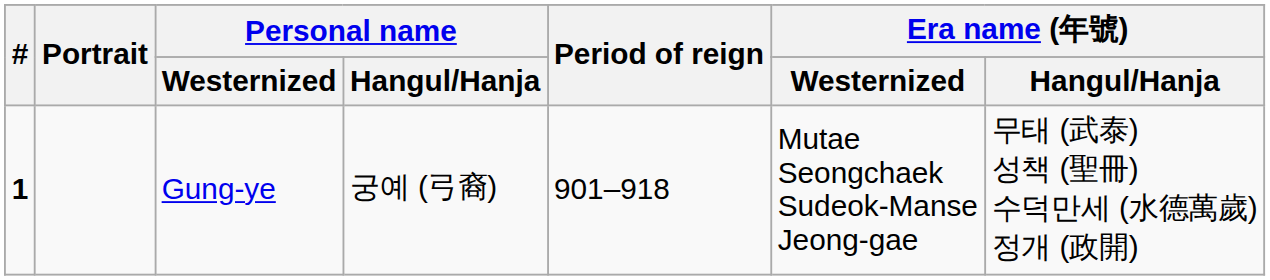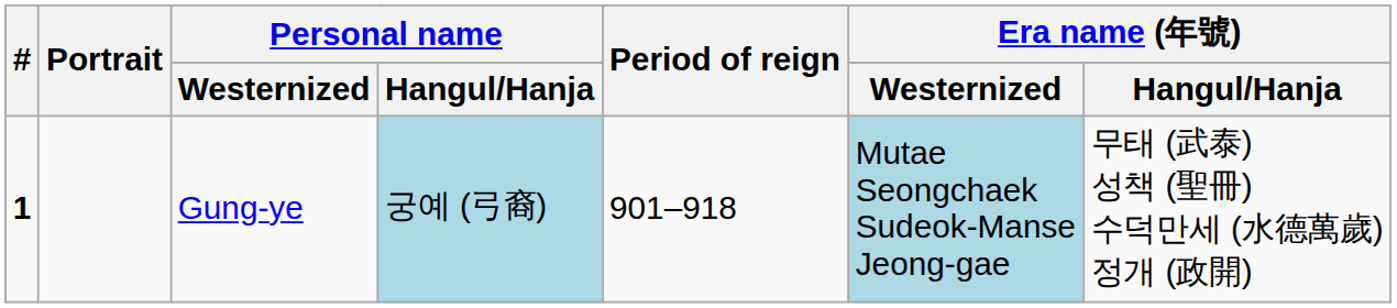 <table class="wikitable">
 <tr>
 <th rowspan="2">#</th>
 <th rowspan="2">Portrait</th>
 <th colspan="2"><a href='#'>Personal name</a></th>
 <th rowspan="2">Period of reign</th>
 <th colspan="2"><a href='#'>Era name</a> (年號)</th>
 </tr>
 <tr>
 <th>Westernized</th>
 <th>Hangul/Hanja</th>
 <th>Westernized</th>
 <th>Hangul/Hanja</th>
 </tr>
 <tr>
 <td><strong>1</strong></td>
 <td></td>
 <td><a href='#'>Gung-ye</a></td>
-<td>궁예 (弓裔)</td>
+<td style="background: lightblue;">궁예 (弓裔)</td>
 <td>901–918</td>
-<td>Mutae <br> Seongchaek <br> Sudeok-Manse <br> Jeong-gae</td>
+<td style="background: lightblue;">Mutae <br> Seongchaek <br> Sudeok-Manse <br> Jeong-gae</td>
 <td>무태 (武泰) <br> 성책 (聖冊) <br> 수덕만세 (水德萬歲) <br> 정개 (政開)</td>
 </tr>
 </table>
